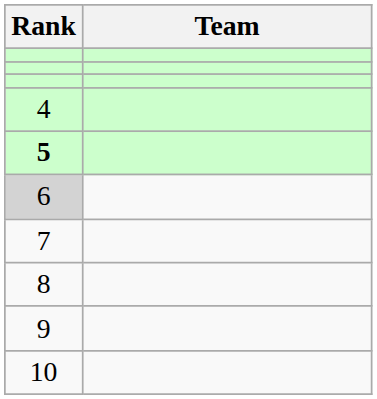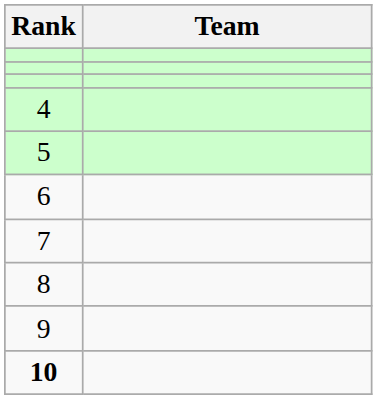 <table class=wikitable style="text-align:center;">
 <tr>
 <th>Rank</th>
 <th width=160>Team</th>
 </tr>
 <tr bgcolor=#CCFFCC>
 <td></td>
 <td align=left></td>
 </tr>
 <tr bgcolor=#CCFFCC>
 <td></td>
 <td align=left></td>
 </tr>
 <tr bgcolor=#CCFFCC>
 <td></td>
 <td align=left></td>
 </tr>
 <tr bgcolor=#CCFFCC>
 <td>4</td>
 <td align=left></td>
 </tr>
 <tr bgcolor=#CCFFCC>
-<td><strong>5</strong></td>
+<td>5</td>
 <td align=left></td>
 </tr>
 <tr>
-<td style="background: lightgrey;">6</td>
+<td>6</td>
 <td align=left></td>
 </tr>
 <tr>
 <td>7</td>
 <td align=left></td>
 </tr>
 <tr>
 <td>8</td>
 <td align=left></td>
 </tr>
 <tr>
 <td>9</td>
 <td align=left></td>
 </tr>
 <tr>
-<td>10</td>
+<td><strong>10</strong></td>
 <td align=left></td>
 </tr>
 </table>
